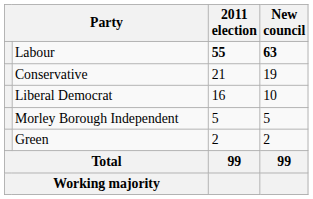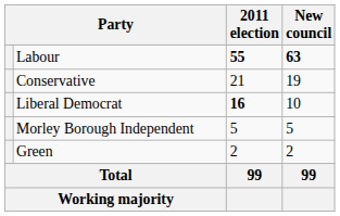 <table class="wikitable">
 <tr>
 <th valign=centre colspan="2" style="width: 230px">Party</th>
 <th valign=top style="width: 30px">2011 election</th>
 <th valign=top style="width: 30px">New council</th>
 </tr>
 <tr>
 <th style="background-color: "></th>
 <td>Labour</td>
 <td><strong>55</strong></td>
 <td><strong>63</strong></td>
 </tr>
 <tr>
 <th style="background-color: "></th>
 <td>Conservative</td>
 <td>21</td>
 <td>19</td>
 </tr>
 <tr>
 <th style="background-color: "></th>
 <td>Liberal Democrat</td>
-<td>16</td>
+<td><strong>16</strong></td>
 <td>10</td>
 </tr>
 <tr>
 <th style="background-color: "></th>
 <td>Morley Borough Independent</td>
 <td>5</td>
 <td>5</td>
 </tr>
 <tr>
 <th style="background-color: "></th>
 <td>Green</td>
 <td>2</td>
 <td>2</td>
 </tr>
 <tr>
 <th colspan=2>Total</th>
 <th style="text-align: center">99</th>
 <th colspan=3>99</th>
 </tr>
 <tr>
 <th colspan=2>Working majority</th>
 <th></th>
 <th></th>
 </tr>
 </table>
